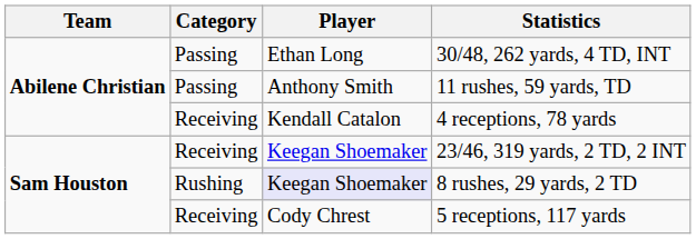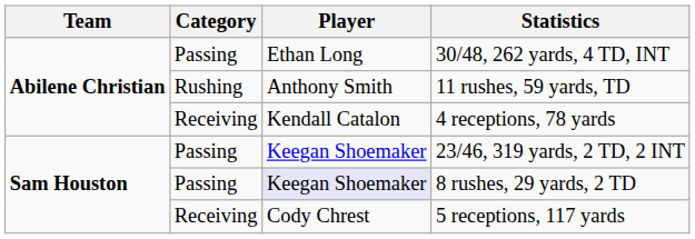 <table class="wikitable" style="float: left;">
 <tr>
 <th>Team</th>
 <th>Category</th>
 <th>Player</th>
 <th>Statistics</th>
 </tr>
 <tr>
 <td rowspan=3><strong>Abilene Christian</strong></td>
 <td>Passing</td>
 <td>Ethan Long</td>
 <td>30/48, 262 yards, 4 TD, INT</td>
 </tr>
 <tr>
-<td>Passing</td>
+<td>Rushing</td>
 <td>Anthony Smith</td>
 <td>11 rushes, 59 yards, TD</td>
 </tr>
 <tr>
 <td>Receiving</td>
 <td>Kendall Catalon</td>
 <td>4 receptions, 78 yards</td>
 </tr>
 <tr>
 <td rowspan=3><strong>Sam Houston</strong></td>
-<td>Receiving</td>
+<td>Passing</td>
 <td><a href='#'>Keegan Shoemaker</a></td>
 <td>23/46, 319 yards, 2 TD, 2 INT</td>
 </tr>
 <tr>
-<td>Rushing</td>
+<td>Passing</td>
 <td style="background: lavender;">Keegan Shoemaker</td>
 <td>8 rushes, 29 yards, 2 TD</td>
 </tr>
 <tr>
 <td>Receiving</td>
 <td>Cody Chrest</td>
 <td>5 receptions, 117 yards</td>
 </tr>
 </table>
